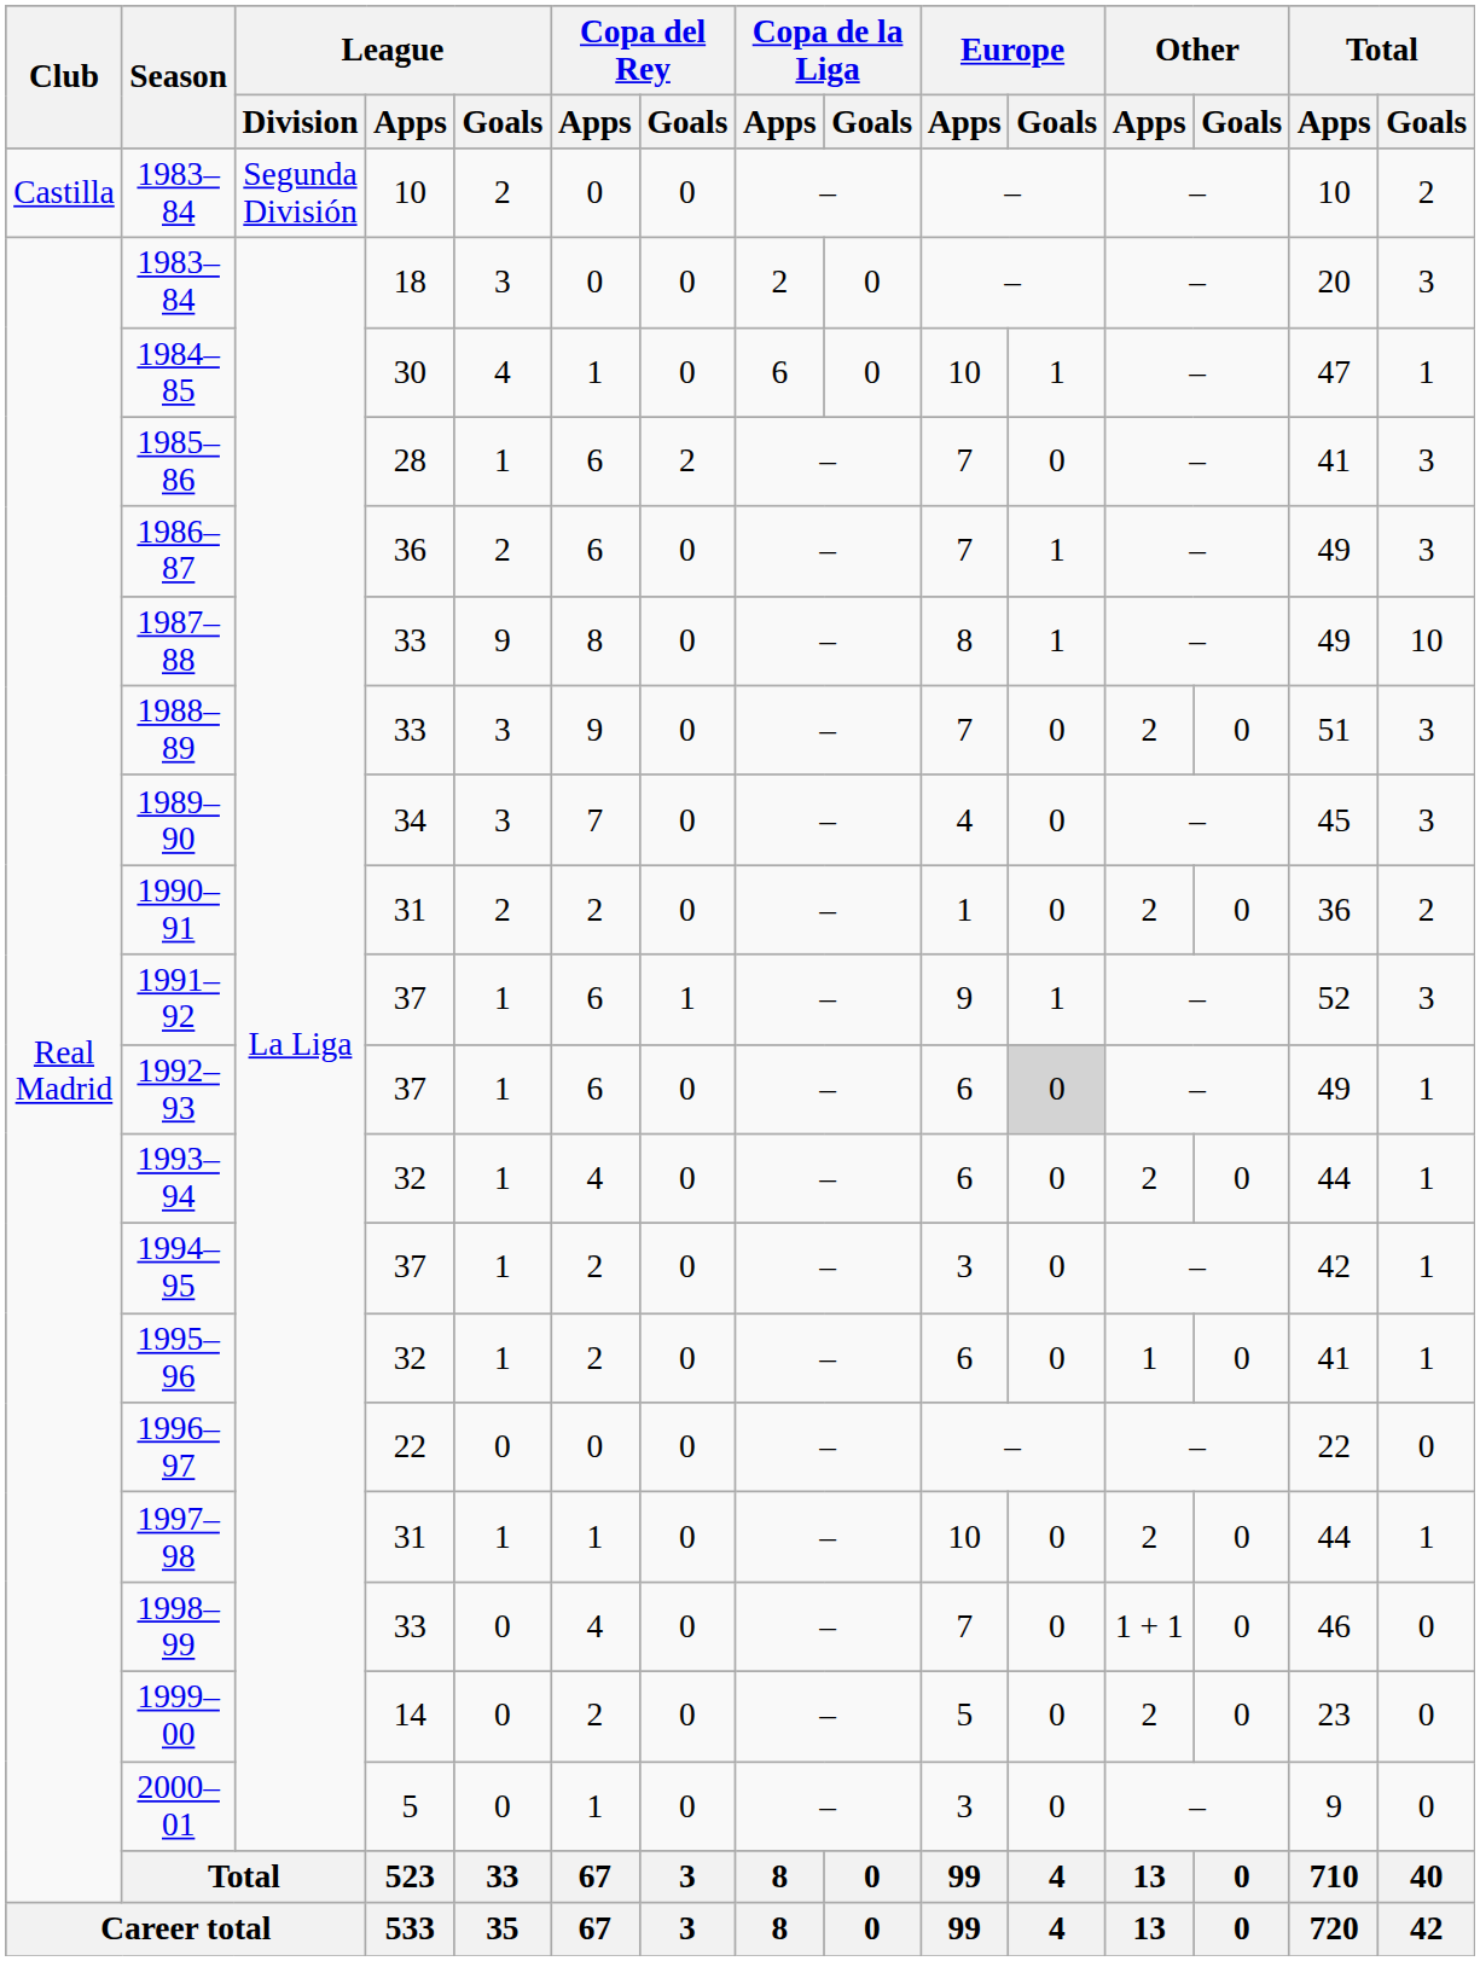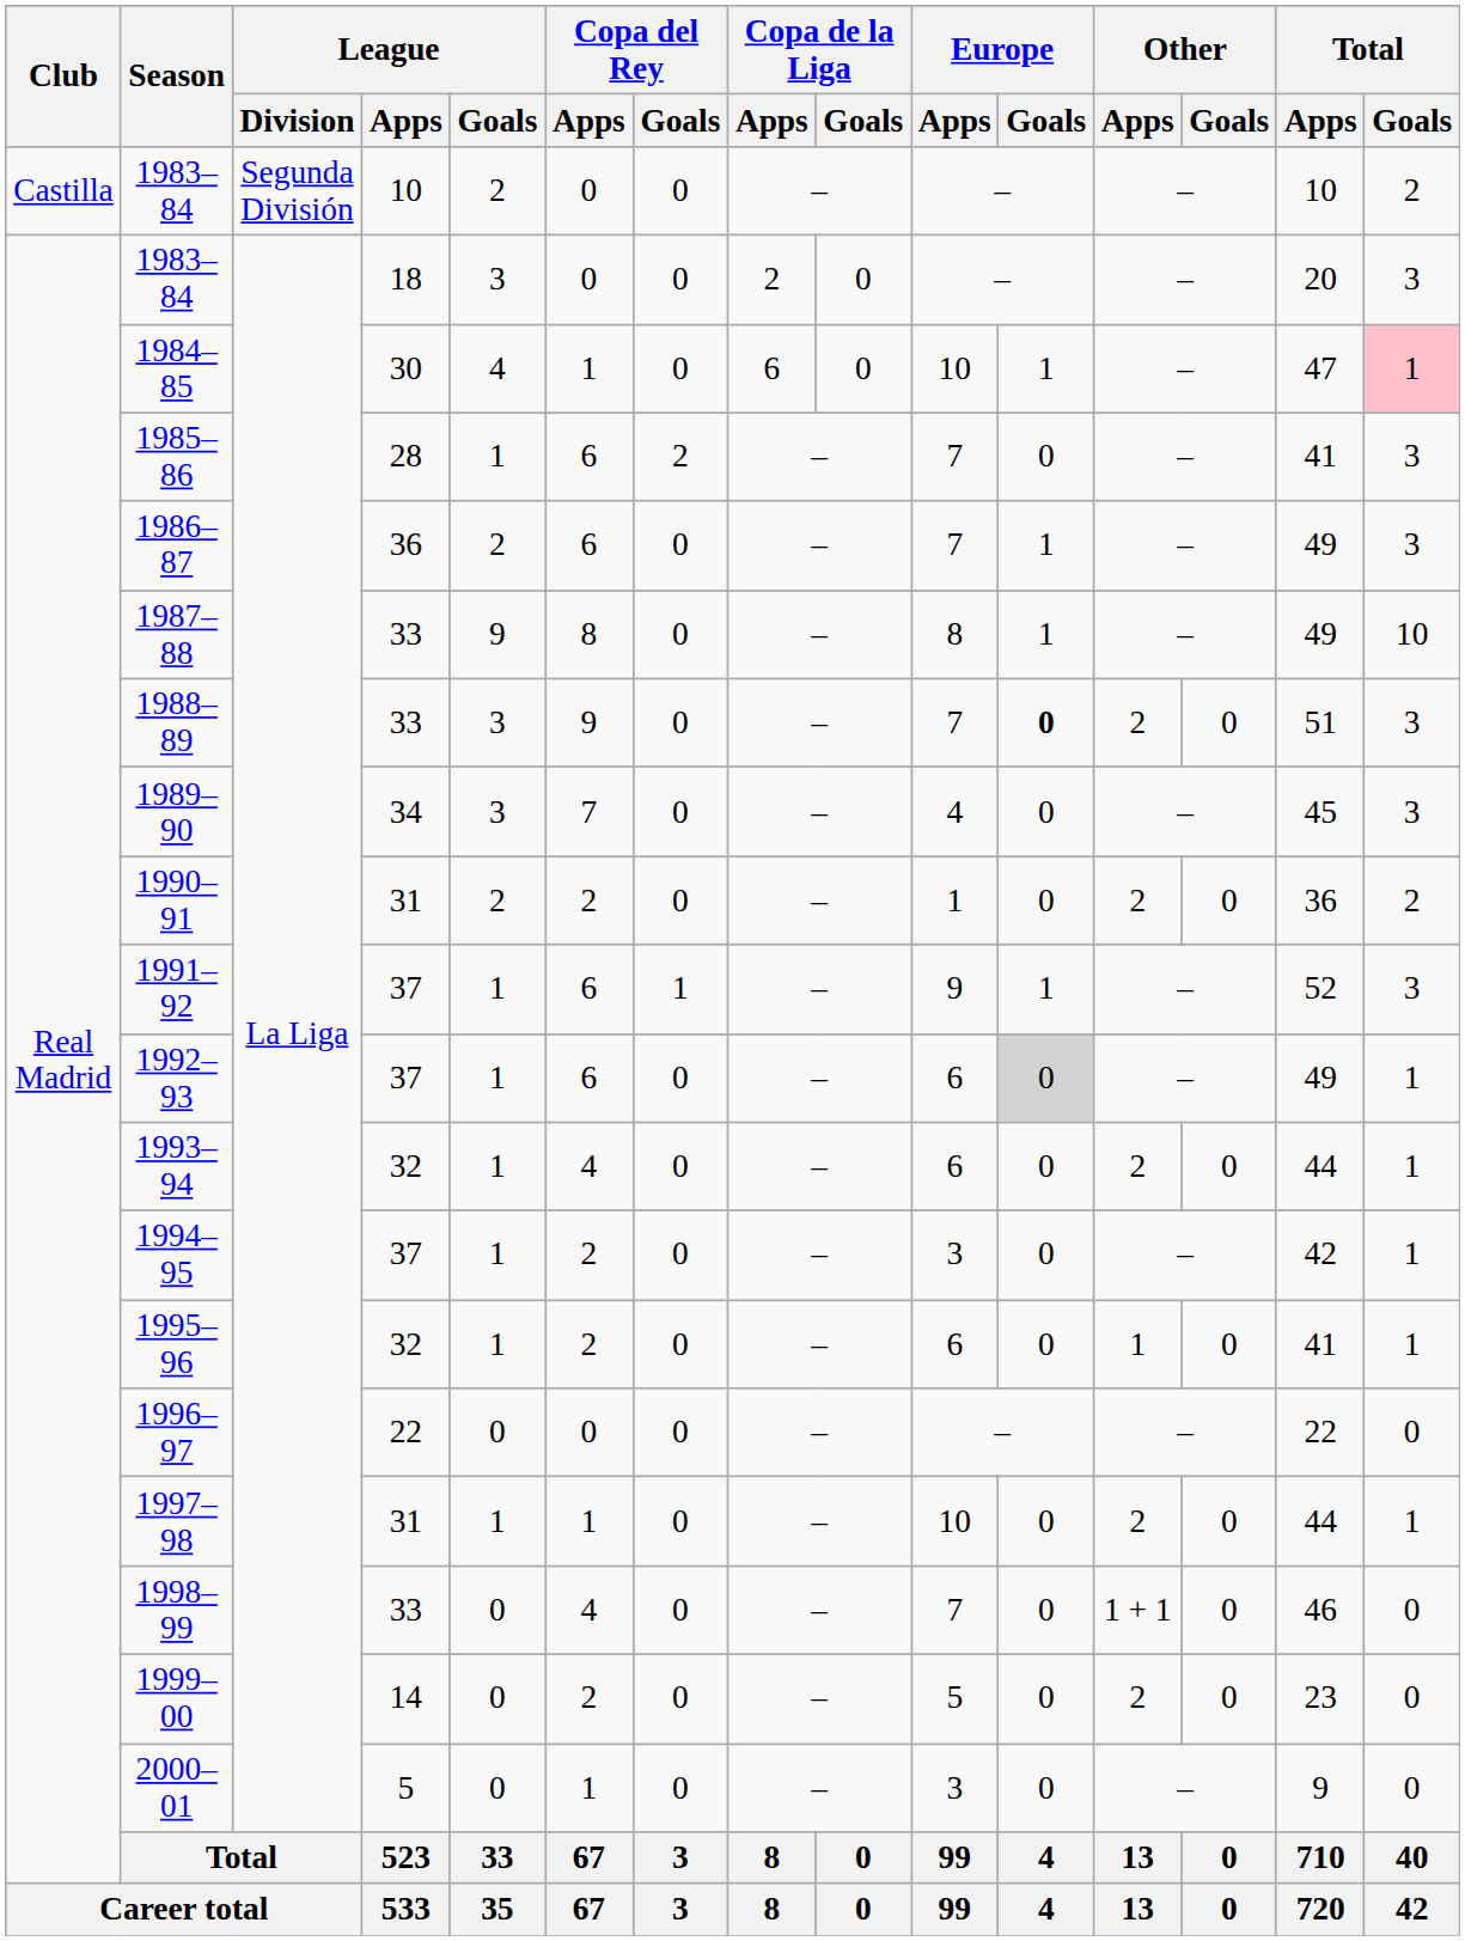 <table class="wikitable" style="text-align:center">
 <tr>
 <th rowspan="2">Club</th>
 <th rowspan="2">Season</th>
 <th colspan="3">League</th>
 <th colspan="2"><a href='#'>Copa del Rey</a></th>
 <th colspan="2"><a href='#'>Copa de la Liga</a></th>
 <th colspan="2"><a href='#'>Europe</a></th>
 <th colspan="2">Other</th>
 <th colspan="2">Total</th>
 </tr>
 <tr>
 <th>Division</th>
 <th>Apps</th>
 <th>Goals</th>
 <th>Apps</th>
 <th>Goals</th>
 <th>Apps</th>
 <th>Goals</th>
 <th>Apps</th>
 <th>Goals</th>
 <th>Apps</th>
 <th>Goals</th>
 <th>Apps</th>
 <th>Goals</th>
 </tr>
 <tr>
 <td><a href='#'>Castilla</a></td>
 <td><a href='#'>1983–84</a></td>
 <td><a href='#'>Segunda División</a></td>
 <td>10</td>
 <td>2</td>
 <td>0</td>
 <td>0</td>
 <td colspan="2">–</td>
 <td colspan="2">–</td>
 <td colspan="2">–</td>
 <td>10</td>
 <td>2</td>
 </tr>
 <tr>
 <td rowspan="19"><a href='#'>Real Madrid</a></td>
 <td><a href='#'>1983–84</a></td>
 <td rowspan="18"><a href='#'>La Liga</a></td>
 <td>18</td>
 <td>3</td>
 <td>0</td>
 <td>0</td>
 <td>2</td>
 <td>0</td>
 <td colspan="2">–</td>
 <td colspan="2">–</td>
 <td>20</td>
 <td>3</td>
 </tr>
 <tr>
 <td><a href='#'>1984–85</a></td>
 <td>30</td>
 <td>4</td>
 <td>1</td>
 <td>0</td>
 <td>6</td>
 <td>0</td>
 <td>10</td>
 <td>1</td>
 <td colspan="2">–</td>
 <td>47</td>
-<td>1</td>
+<td style="background: pink;">1</td>
 </tr>
 <tr>
 <td><a href='#'>1985–86</a></td>
 <td>28</td>
 <td>1</td>
 <td>6</td>
 <td>2</td>
 <td colspan="2">–</td>
 <td>7</td>
 <td>0</td>
 <td colspan="2">–</td>
 <td>41</td>
 <td>3</td>
 </tr>
 <tr>
 <td><a href='#'>1986–87</a></td>
 <td>36</td>
 <td>2</td>
 <td>6</td>
 <td>0</td>
 <td colspan="2">–</td>
 <td>7</td>
 <td>1</td>
 <td colspan="2">–</td>
 <td>49</td>
 <td>3</td>
 </tr>
 <tr>
 <td><a href='#'>1987–88</a></td>
 <td>33</td>
 <td>9</td>
 <td>8</td>
 <td>0</td>
 <td colspan="2">–</td>
 <td>8</td>
 <td>1</td>
 <td colspan="2">–</td>
 <td>49</td>
 <td>10</td>
 </tr>
 <tr>
 <td><a href='#'>1988–89</a></td>
 <td>33</td>
 <td>3</td>
 <td>9</td>
 <td>0</td>
 <td colspan="2">–</td>
 <td>7</td>
-<td>0</td>
+<td><strong>0</strong></td>
 <td>2</td>
 <td>0</td>
 <td>51</td>
 <td>3</td>
 </tr>
 <tr>
 <td><a href='#'>1989–90</a></td>
 <td>34</td>
 <td>3</td>
 <td>7</td>
 <td>0</td>
 <td colspan="2">–</td>
 <td>4</td>
 <td>0</td>
 <td colspan="2">–</td>
 <td>45</td>
 <td>3</td>
 </tr>
 <tr>
 <td><a href='#'>1990–91</a></td>
 <td>31</td>
 <td>2</td>
 <td>2</td>
 <td>0</td>
 <td colspan="2">–</td>
 <td>1</td>
 <td>0</td>
 <td>2</td>
 <td>0</td>
 <td>36</td>
 <td>2</td>
 </tr>
 <tr>
 <td><a href='#'>1991–92</a></td>
 <td>37</td>
 <td>1</td>
 <td>6</td>
 <td>1</td>
 <td colspan="2">–</td>
 <td>9</td>
 <td>1</td>
 <td colspan="2">–</td>
 <td>52</td>
 <td>3</td>
 </tr>
 <tr>
 <td><a href='#'>1992–93</a></td>
 <td>37</td>
 <td>1</td>
 <td>6</td>
 <td>0</td>
 <td colspan="2">–</td>
 <td>6</td>
 <td style="background: lightgrey;">0</td>
 <td colspan="2">–</td>
 <td>49</td>
 <td>1</td>
 </tr>
 <tr>
 <td><a href='#'>1993–94</a></td>
 <td>32</td>
 <td>1</td>
 <td>4</td>
 <td>0</td>
 <td colspan="2">–</td>
 <td>6</td>
 <td>0</td>
 <td>2</td>
 <td>0</td>
 <td>44</td>
 <td>1</td>
 </tr>
 <tr>
 <td><a href='#'>1994–95</a></td>
 <td>37</td>
 <td>1</td>
 <td>2</td>
 <td>0</td>
 <td colspan="2">–</td>
 <td>3</td>
 <td>0</td>
 <td colspan="2">–</td>
 <td>42</td>
 <td>1</td>
 </tr>
 <tr>
 <td><a href='#'>1995–96</a></td>
 <td>32</td>
 <td>1</td>
 <td>2</td>
 <td>0</td>
 <td colspan="2">–</td>
 <td>6</td>
 <td>0</td>
 <td>1</td>
 <td>0</td>
 <td>41</td>
 <td>1</td>
 </tr>
 <tr>
 <td><a href='#'>1996–97</a></td>
 <td>22</td>
 <td>0</td>
 <td>0</td>
 <td>0</td>
 <td colspan="2">–</td>
 <td colspan="2">–</td>
 <td colspan="2">–</td>
 <td>22</td>
 <td>0</td>
 </tr>
 <tr>
 <td><a href='#'>1997–98</a></td>
 <td>31</td>
 <td>1</td>
 <td>1</td>
 <td>0</td>
 <td colspan="2">–</td>
 <td>10</td>
 <td>0</td>
 <td>2</td>
 <td>0</td>
 <td>44</td>
 <td>1</td>
 </tr>
 <tr>
 <td><a href='#'>1998–99</a></td>
 <td>33</td>
 <td>0</td>
 <td>4</td>
 <td>0</td>
 <td colspan="2">–</td>
 <td>7</td>
 <td>0</td>
 <td>1 + 1</td>
 <td>0</td>
 <td>46</td>
 <td>0</td>
 </tr>
 <tr>
 <td><a href='#'>1999–00</a></td>
 <td>14</td>
 <td>0</td>
 <td>2</td>
 <td>0</td>
 <td colspan="2">–</td>
 <td>5</td>
 <td>0</td>
 <td>2</td>
 <td>0</td>
 <td>23</td>
 <td>0</td>
 </tr>
 <tr>
 <td><a href='#'>2000–01</a></td>
 <td>5</td>
 <td>0</td>
 <td>1</td>
 <td>0</td>
 <td colspan="2">–</td>
 <td>3</td>
 <td>0</td>
 <td colspan="2">–</td>
 <td>9</td>
 <td>0</td>
 </tr>
 <tr>
 <th colspan="2">Total</th>
 <th>523</th>
 <th>33</th>
 <th>67</th>
 <th>3</th>
 <th>8</th>
 <th>0</th>
 <th>99</th>
 <th>4</th>
 <th>13</th>
 <th>0</th>
 <th>710</th>
 <th>40</th>
 </tr>
 <tr>
 <th colspan="3">Career total</th>
 <th>533</th>
 <th>35</th>
 <th>67</th>
 <th>3</th>
 <th>8</th>
 <th>0</th>
 <th>99</th>
 <th>4</th>
 <th>13</th>
 <th>0</th>
 <th>720</th>
 <th>42</th>
 </tr>
 </table>
